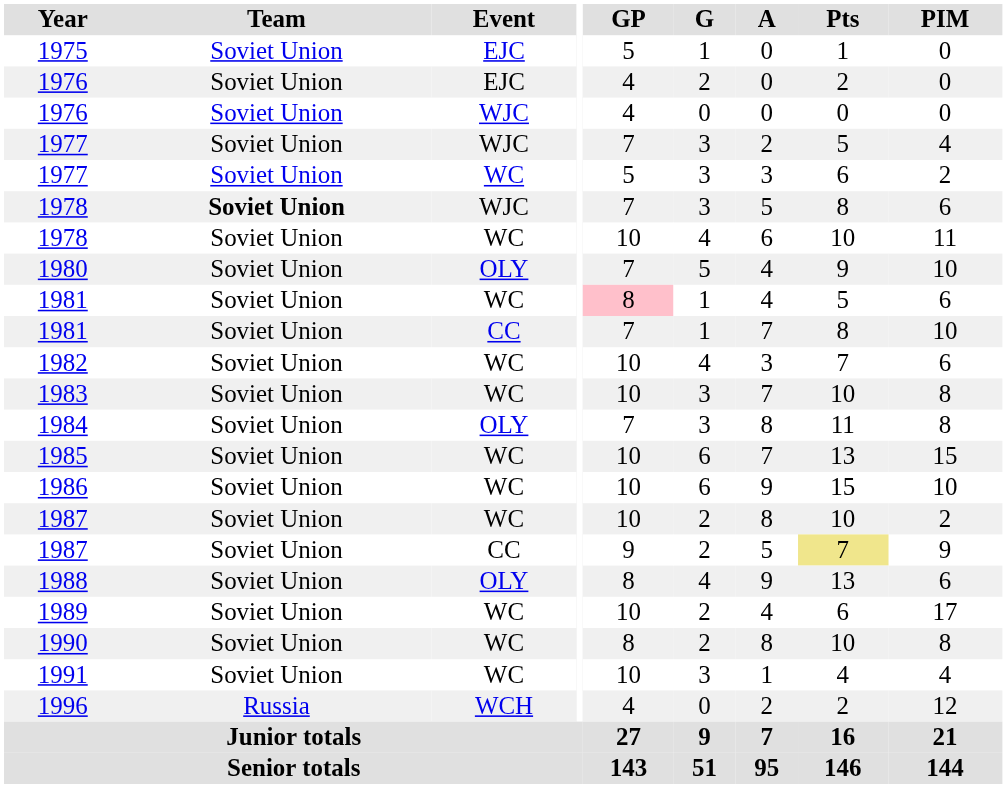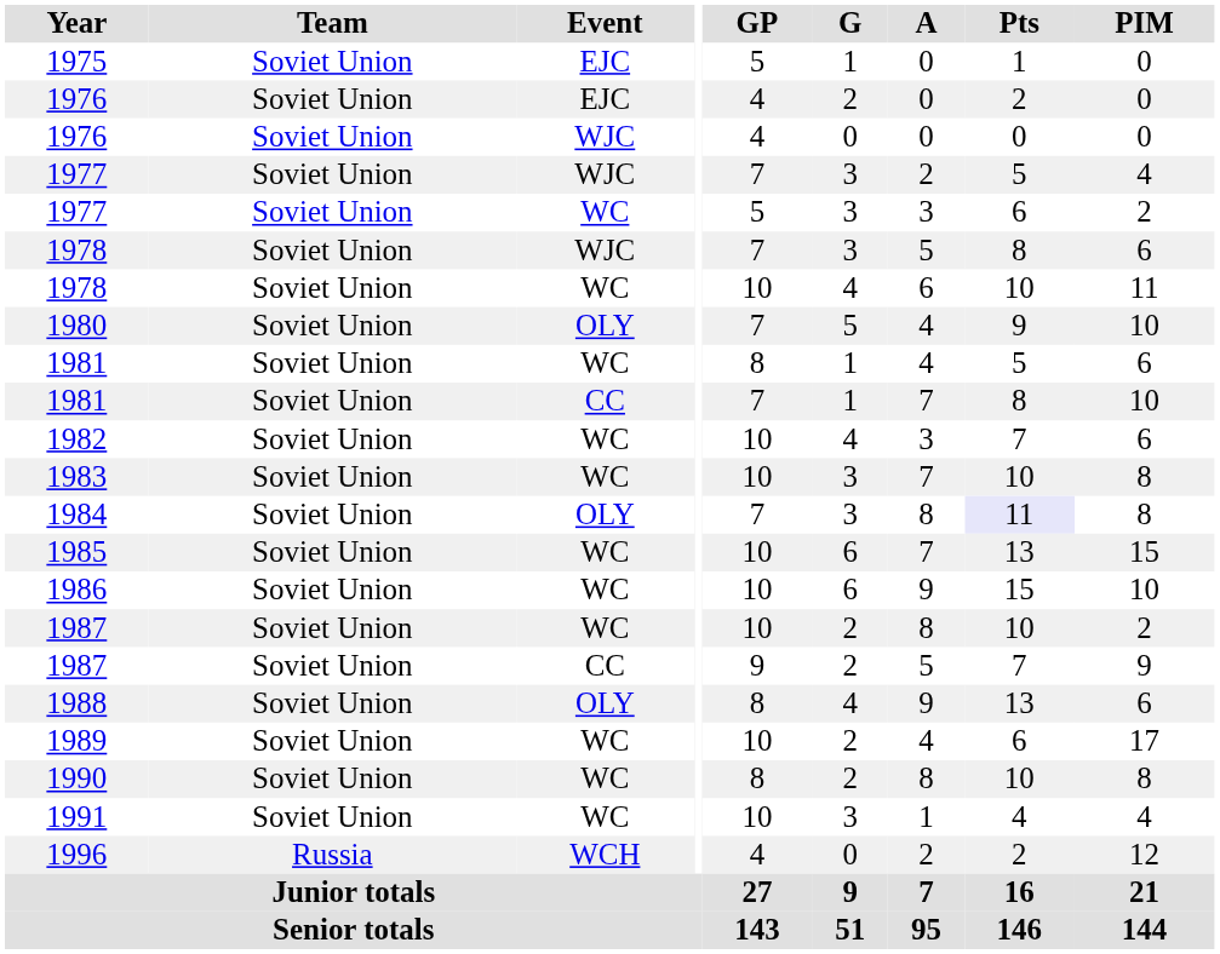 <table border="0" cellpadding="1" cellspacing="0" ID="Table3" style="text-align:center; width:40em">
 <tr bgcolor="#e0e0e0">
 <th>Year</th>
 <th>Team</th>
 <th>Event</th>
 <th rowspan="102" bgcolor="#ffffff"></th>
 <th>GP</th>
 <th>G</th>
 <th>A</th>
 <th>Pts</th>
 <th>PIM</th>
 </tr>
 <tr>
 <td><a href='#'>1975</a></td>
 <td><a href='#'>Soviet Union</a></td>
 <td><a href='#'>EJC</a></td>
 <td>5</td>
 <td>1</td>
 <td>0</td>
 <td>1</td>
 <td>0</td>
 </tr>
 <tr bgcolor="#f0f0f0">
 <td><a href='#'>1976</a></td>
 <td>Soviet Union</td>
 <td>EJC</td>
 <td>4</td>
 <td>2</td>
 <td>0</td>
 <td>2</td>
 <td>0</td>
 </tr>
 <tr>
 <td><a href='#'>1976</a></td>
 <td><a href='#'>Soviet Union</a></td>
 <td><a href='#'>WJC</a></td>
 <td>4</td>
 <td>0</td>
 <td>0</td>
 <td>0</td>
 <td>0</td>
 </tr>
 <tr bgcolor="#f0f0f0">
 <td><a href='#'>1977</a></td>
 <td>Soviet Union</td>
 <td>WJC</td>
 <td>7</td>
 <td>3</td>
 <td>2</td>
 <td>5</td>
 <td>4</td>
 </tr>
 <tr>
 <td><a href='#'>1977</a></td>
 <td><a href='#'>Soviet Union</a></td>
 <td><a href='#'>WC</a></td>
 <td>5</td>
 <td>3</td>
 <td>3</td>
 <td>6</td>
 <td>2</td>
 </tr>
 <tr bgcolor="#f0f0f0">
 <td><a href='#'>1978</a></td>
-<td><strong>Soviet Union</strong></td>
+<td>Soviet Union</td>
 <td>WJC</td>
 <td>7</td>
 <td>3</td>
 <td>5</td>
 <td>8</td>
 <td>6</td>
 </tr>
 <tr>
 <td><a href='#'>1978</a></td>
 <td>Soviet Union</td>
 <td>WC</td>
 <td>10</td>
 <td>4</td>
 <td>6</td>
 <td>10</td>
 <td>11</td>
 </tr>
 <tr bgcolor="#f0f0f0">
 <td><a href='#'>1980</a></td>
 <td>Soviet Union</td>
 <td><a href='#'>OLY</a></td>
 <td>7</td>
 <td>5</td>
 <td>4</td>
 <td>9</td>
 <td>10</td>
 </tr>
 <tr>
 <td><a href='#'>1981</a></td>
 <td>Soviet Union</td>
 <td>WC</td>
-<td style="background: pink;">8</td>
+<td>8</td>
 <td>1</td>
 <td>4</td>
 <td>5</td>
 <td>6</td>
 </tr>
 <tr bgcolor="#f0f0f0">
 <td><a href='#'>1981</a></td>
 <td>Soviet Union</td>
 <td><a href='#'>CC</a></td>
 <td>7</td>
 <td>1</td>
 <td>7</td>
 <td>8</td>
 <td>10</td>
 </tr>
 <tr>
 <td><a href='#'>1982</a></td>
 <td>Soviet Union</td>
 <td>WC</td>
 <td>10</td>
 <td>4</td>
 <td>3</td>
 <td>7</td>
 <td>6</td>
 </tr>
 <tr bgcolor="#f0f0f0">
 <td><a href='#'>1983</a></td>
 <td>Soviet Union</td>
 <td>WC</td>
 <td>10</td>
 <td>3</td>
 <td>7</td>
 <td>10</td>
 <td>8</td>
 </tr>
 <tr>
 <td><a href='#'>1984</a></td>
 <td>Soviet Union</td>
 <td><a href='#'>OLY</a></td>
 <td>7</td>
 <td>3</td>
 <td>8</td>
-<td>11</td>
+<td style="background: lavender;">11</td>
 <td>8</td>
 </tr>
 <tr bgcolor="#f0f0f0">
 <td><a href='#'>1985</a></td>
 <td>Soviet Union</td>
 <td>WC</td>
 <td>10</td>
 <td>6</td>
 <td>7</td>
 <td>13</td>
 <td>15</td>
 </tr>
 <tr>
 <td><a href='#'>1986</a></td>
 <td>Soviet Union</td>
 <td>WC</td>
 <td>10</td>
 <td>6</td>
 <td>9</td>
 <td>15</td>
 <td>10</td>
 </tr>
 <tr bgcolor="#f0f0f0">
 <td><a href='#'>1987</a></td>
 <td>Soviet Union</td>
 <td>WC</td>
 <td>10</td>
 <td>2</td>
 <td>8</td>
 <td>10</td>
 <td>2</td>
 </tr>
 <tr>
 <td><a href='#'>1987</a></td>
 <td>Soviet Union</td>
 <td>CC</td>
 <td>9</td>
 <td>2</td>
 <td>5</td>
-<td style="background: khaki;">7</td>
+<td>7</td>
 <td>9</td>
 </tr>
 <tr bgcolor="#f0f0f0">
 <td><a href='#'>1988</a></td>
 <td>Soviet Union</td>
 <td><a href='#'>OLY</a></td>
 <td>8</td>
 <td>4</td>
 <td>9</td>
 <td>13</td>
 <td>6</td>
 </tr>
 <tr>
 <td><a href='#'>1989</a></td>
 <td>Soviet Union</td>
 <td>WC</td>
 <td>10</td>
 <td>2</td>
 <td>4</td>
 <td>6</td>
 <td>17</td>
 </tr>
 <tr bgcolor="#f0f0f0">
 <td><a href='#'>1990</a></td>
 <td>Soviet Union</td>
 <td>WC</td>
 <td>8</td>
 <td>2</td>
 <td>8</td>
 <td>10</td>
 <td>8</td>
 </tr>
 <tr>
 <td><a href='#'>1991</a></td>
 <td>Soviet Union</td>
 <td>WC</td>
 <td>10</td>
 <td>3</td>
 <td>1</td>
 <td>4</td>
 <td>4</td>
 </tr>
 <tr bgcolor="#f0f0f0">
 <td><a href='#'>1996</a></td>
 <td><a href='#'>Russia</a></td>
 <td><a href='#'>WCH</a></td>
 <td>4</td>
 <td>0</td>
 <td>2</td>
 <td>2</td>
 <td>12</td>
 </tr>
 <tr bgcolor="#e0e0e0">
 <th colspan="4">Junior totals</th>
 <th>27</th>
 <th>9</th>
 <th>7</th>
 <th>16</th>
 <th>21</th>
 </tr>
 <tr bgcolor="#e0e0e0">
 <th colspan="4">Senior totals</th>
 <th>143</th>
 <th>51</th>
 <th>95</th>
 <th>146</th>
 <th>144</th>
 </tr>
 </table>
